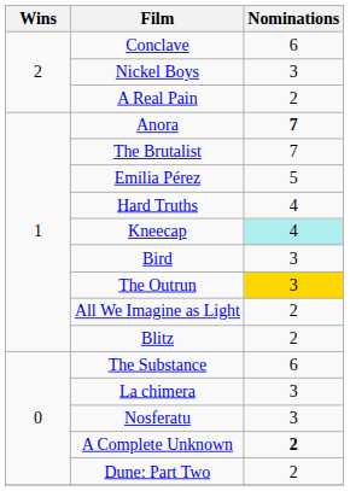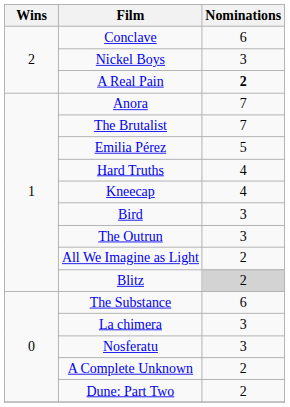 <table class="wikitable" style="text-align:center;">
 <tr>
 <th scope="col" width="55">Wins</th>
 <th scope="col">Film</th>
 <th scope="col" width="55">Nominations</th>
 </tr>
 <tr>
 <td rowspan=3>2</td>
 <td><a href='#'>Conclave</a></td>
 <td>6</td>
 </tr>
 <tr>
 <td><a href='#'>Nickel Boys</a></td>
 <td>3</td>
 </tr>
 <tr>
 <td><a href='#'>A Real Pain</a></td>
-<td>2</td>
+<td><strong>2</strong></td>
 </tr>
 <tr>
 <td rowspan=9>1</td>
 <td><a href='#'>Anora</a></td>
-<td><strong>7</strong></td>
+<td>7</td>
 </tr>
 <tr>
 <td><a href='#'>The Brutalist</a></td>
 <td>7</td>
 </tr>
 <tr>
 <td><a href='#'>Emilia Pérez</a></td>
 <td>5</td>
 </tr>
 <tr>
 <td><a href='#'>Hard Truths</a></td>
 <td>4</td>
 </tr>
 <tr>
 <td><a href='#'>Kneecap</a></td>
-<td style="background: paleturquoise;">4</td>
+<td>4</td>
 </tr>
 <tr>
 <td><a href='#'>Bird</a></td>
 <td>3</td>
 </tr>
 <tr>
 <td><a href='#'>The Outrun</a></td>
-<td style="background: gold;">3</td>
+<td>3</td>
 </tr>
 <tr>
 <td><a href='#'>All We Imagine as Light</a></td>
 <td>2</td>
 </tr>
 <tr>
 <td><a href='#'>Blitz</a></td>
-<td>2</td>
+<td style="background: lightgrey;">2</td>
 </tr>
 <tr>
 <td rowspan=5>0</td>
 <td><a href='#'>The Substance</a></td>
 <td>6</td>
 </tr>
 <tr>
 <td><a href='#'>La chimera</a></td>
 <td>3</td>
 </tr>
 <tr>
 <td><a href='#'>Nosferatu</a></td>
 <td>3</td>
 </tr>
 <tr>
 <td><a href='#'>A Complete Unknown</a></td>
-<td><strong>2</strong></td>
+<td>2</td>
 </tr>
 <tr>
 <td><a href='#'>Dune: Part Two</a></td>
 <td>2</td>
 </tr>
 <tr>
 </tr>
 </table>
